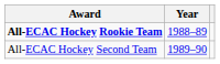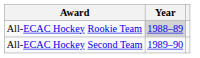 <table class="wikitable">
 <tr>
 <th>Award</th>
 <th>Year</th>
 <th></th>
 </tr>
 <tr>
-<td><strong>All-<a href='#'>ECAC Hockey</a> <a href='#'>Rookie Team</a></strong></td>
-<td><a href='#'>1988–89</a></td>
+<td>All-<a href='#'>ECAC Hockey</a> <a href='#'>Rookie Team</a></td>
+<td style="background: lightgrey;"><a href='#'>1988–89</a></td>
 <td></td>
 </tr>
 <tr>
 <td>All-<a href='#'>ECAC Hockey</a> <a href='#'>Second Team</a></td>
 <td><a href='#'>1989–90</a></td>
 <td></td>
 </tr>
 </table>
